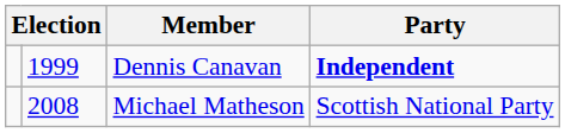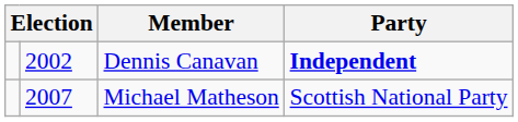 <table class="wikitable">
 <tr>
 <th colspan="2">Election</th>
 <th>Member</th>
 <th>Party</th>
 </tr>
 <tr>
 <td style="background-color: "></td>
-<td><a href='#'>1999</a></td>
+<td><a href='#'>2002</a></td>
 <td><a href='#'>Dennis Canavan</a></td>
 <td><strong><a href='#'>Independent</a></strong></td>
 </tr>
 <tr>
 <td style="background-color: "></td>
-<td><a href='#'>2008</a></td>
+<td><a href='#'>2007</a></td>
 <td><a href='#'>Michael Matheson</a></td>
 <td><a href='#'>Scottish National Party</a></td>
 </tr>
 </table>
